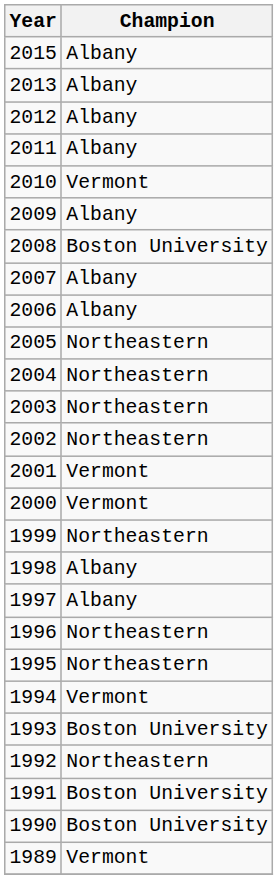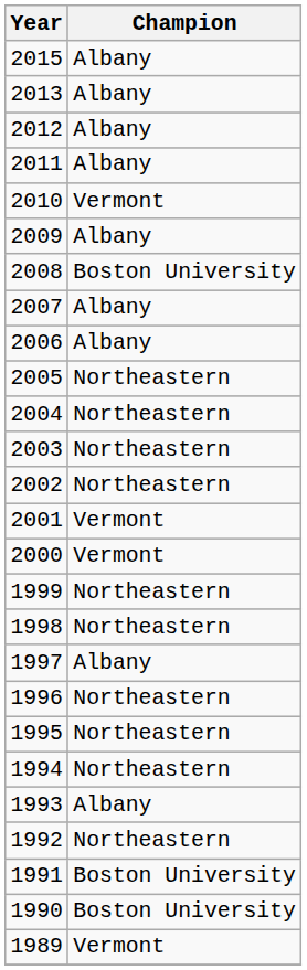 <table class="wikitable sortable">
 <tr>
 <th>Year</th>
 <th>Champion</th>
 </tr>
 <tr>
 <td>2015</td>
 <td>Albany</td>
 </tr>
 <tr>
 <td>2013</td>
 <td>Albany</td>
 </tr>
 <tr>
 <td>2012</td>
 <td>Albany</td>
 </tr>
 <tr>
 <td>2011</td>
 <td>Albany</td>
 </tr>
 <tr>
 <td>2010</td>
 <td>Vermont</td>
 </tr>
 <tr>
 <td>2009</td>
 <td>Albany</td>
 </tr>
 <tr>
 <td>2008</td>
 <td>Boston University</td>
 </tr>
 <tr>
 <td>2007</td>
 <td>Albany</td>
 </tr>
 <tr>
 <td>2006</td>
 <td>Albany</td>
 </tr>
 <tr>
 <td>2005</td>
 <td>Northeastern</td>
 </tr>
 <tr>
 <td>2004</td>
 <td>Northeastern</td>
 </tr>
 <tr>
 <td>2003</td>
 <td>Northeastern</td>
 </tr>
 <tr>
 <td>2002</td>
 <td>Northeastern</td>
 </tr>
 <tr>
 <td>2001</td>
 <td>Vermont</td>
 </tr>
 <tr>
 <td>2000</td>
 <td>Vermont</td>
 </tr>
 <tr>
 <td>1999</td>
 <td>Northeastern</td>
 </tr>
 <tr>
 <td>1998</td>
-<td>Albany</td>
+<td>Northeastern</td>
 </tr>
 <tr>
 <td>1997</td>
 <td>Albany</td>
 </tr>
 <tr>
 <td>1996</td>
 <td>Northeastern</td>
 </tr>
 <tr>
 <td>1995</td>
 <td>Northeastern</td>
 </tr>
 <tr>
 <td>1994</td>
-<td>Vermont</td>
+<td>Northeastern</td>
 </tr>
 <tr>
 <td>1993</td>
-<td>Boston University</td>
+<td>Albany</td>
 </tr>
 <tr>
 <td>1992</td>
 <td>Northeastern</td>
 </tr>
 <tr>
 <td>1991</td>
 <td>Boston University</td>
 </tr>
 <tr>
 <td>1990</td>
 <td>Boston University</td>
 </tr>
 <tr>
 <td>1989</td>
 <td>Vermont</td>
 </tr>
 <tr>
 </tr>
 </table>
